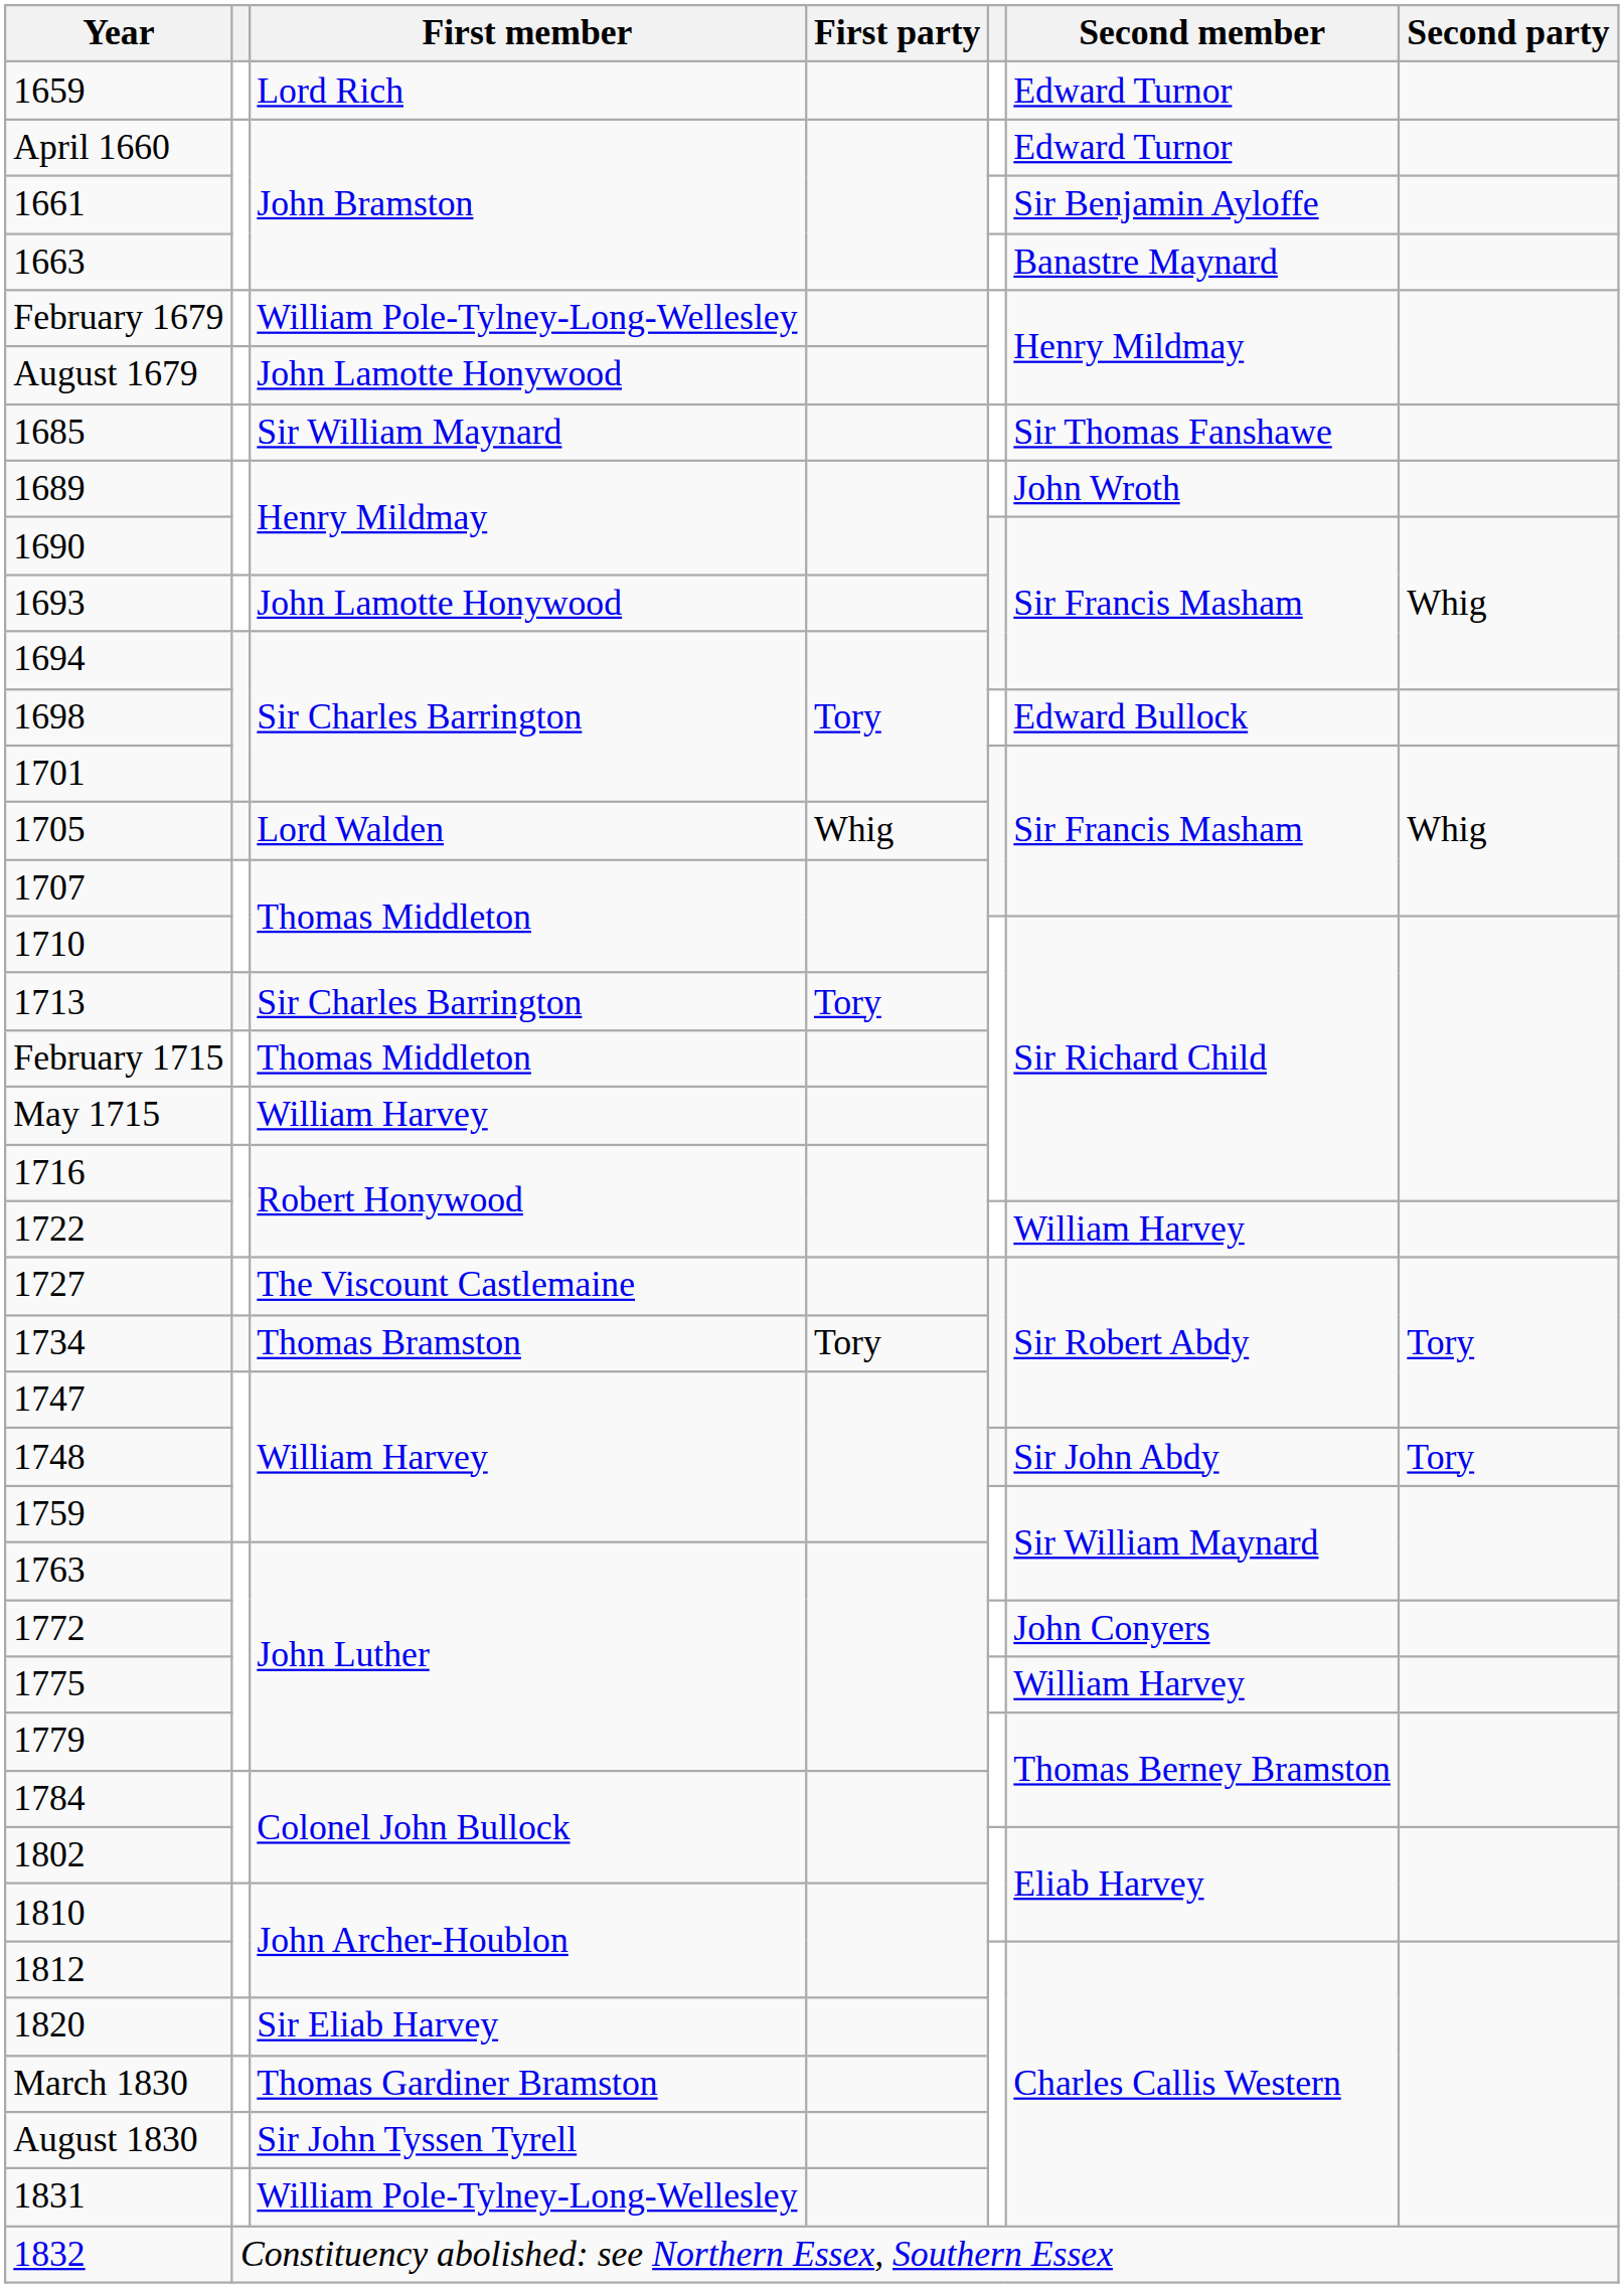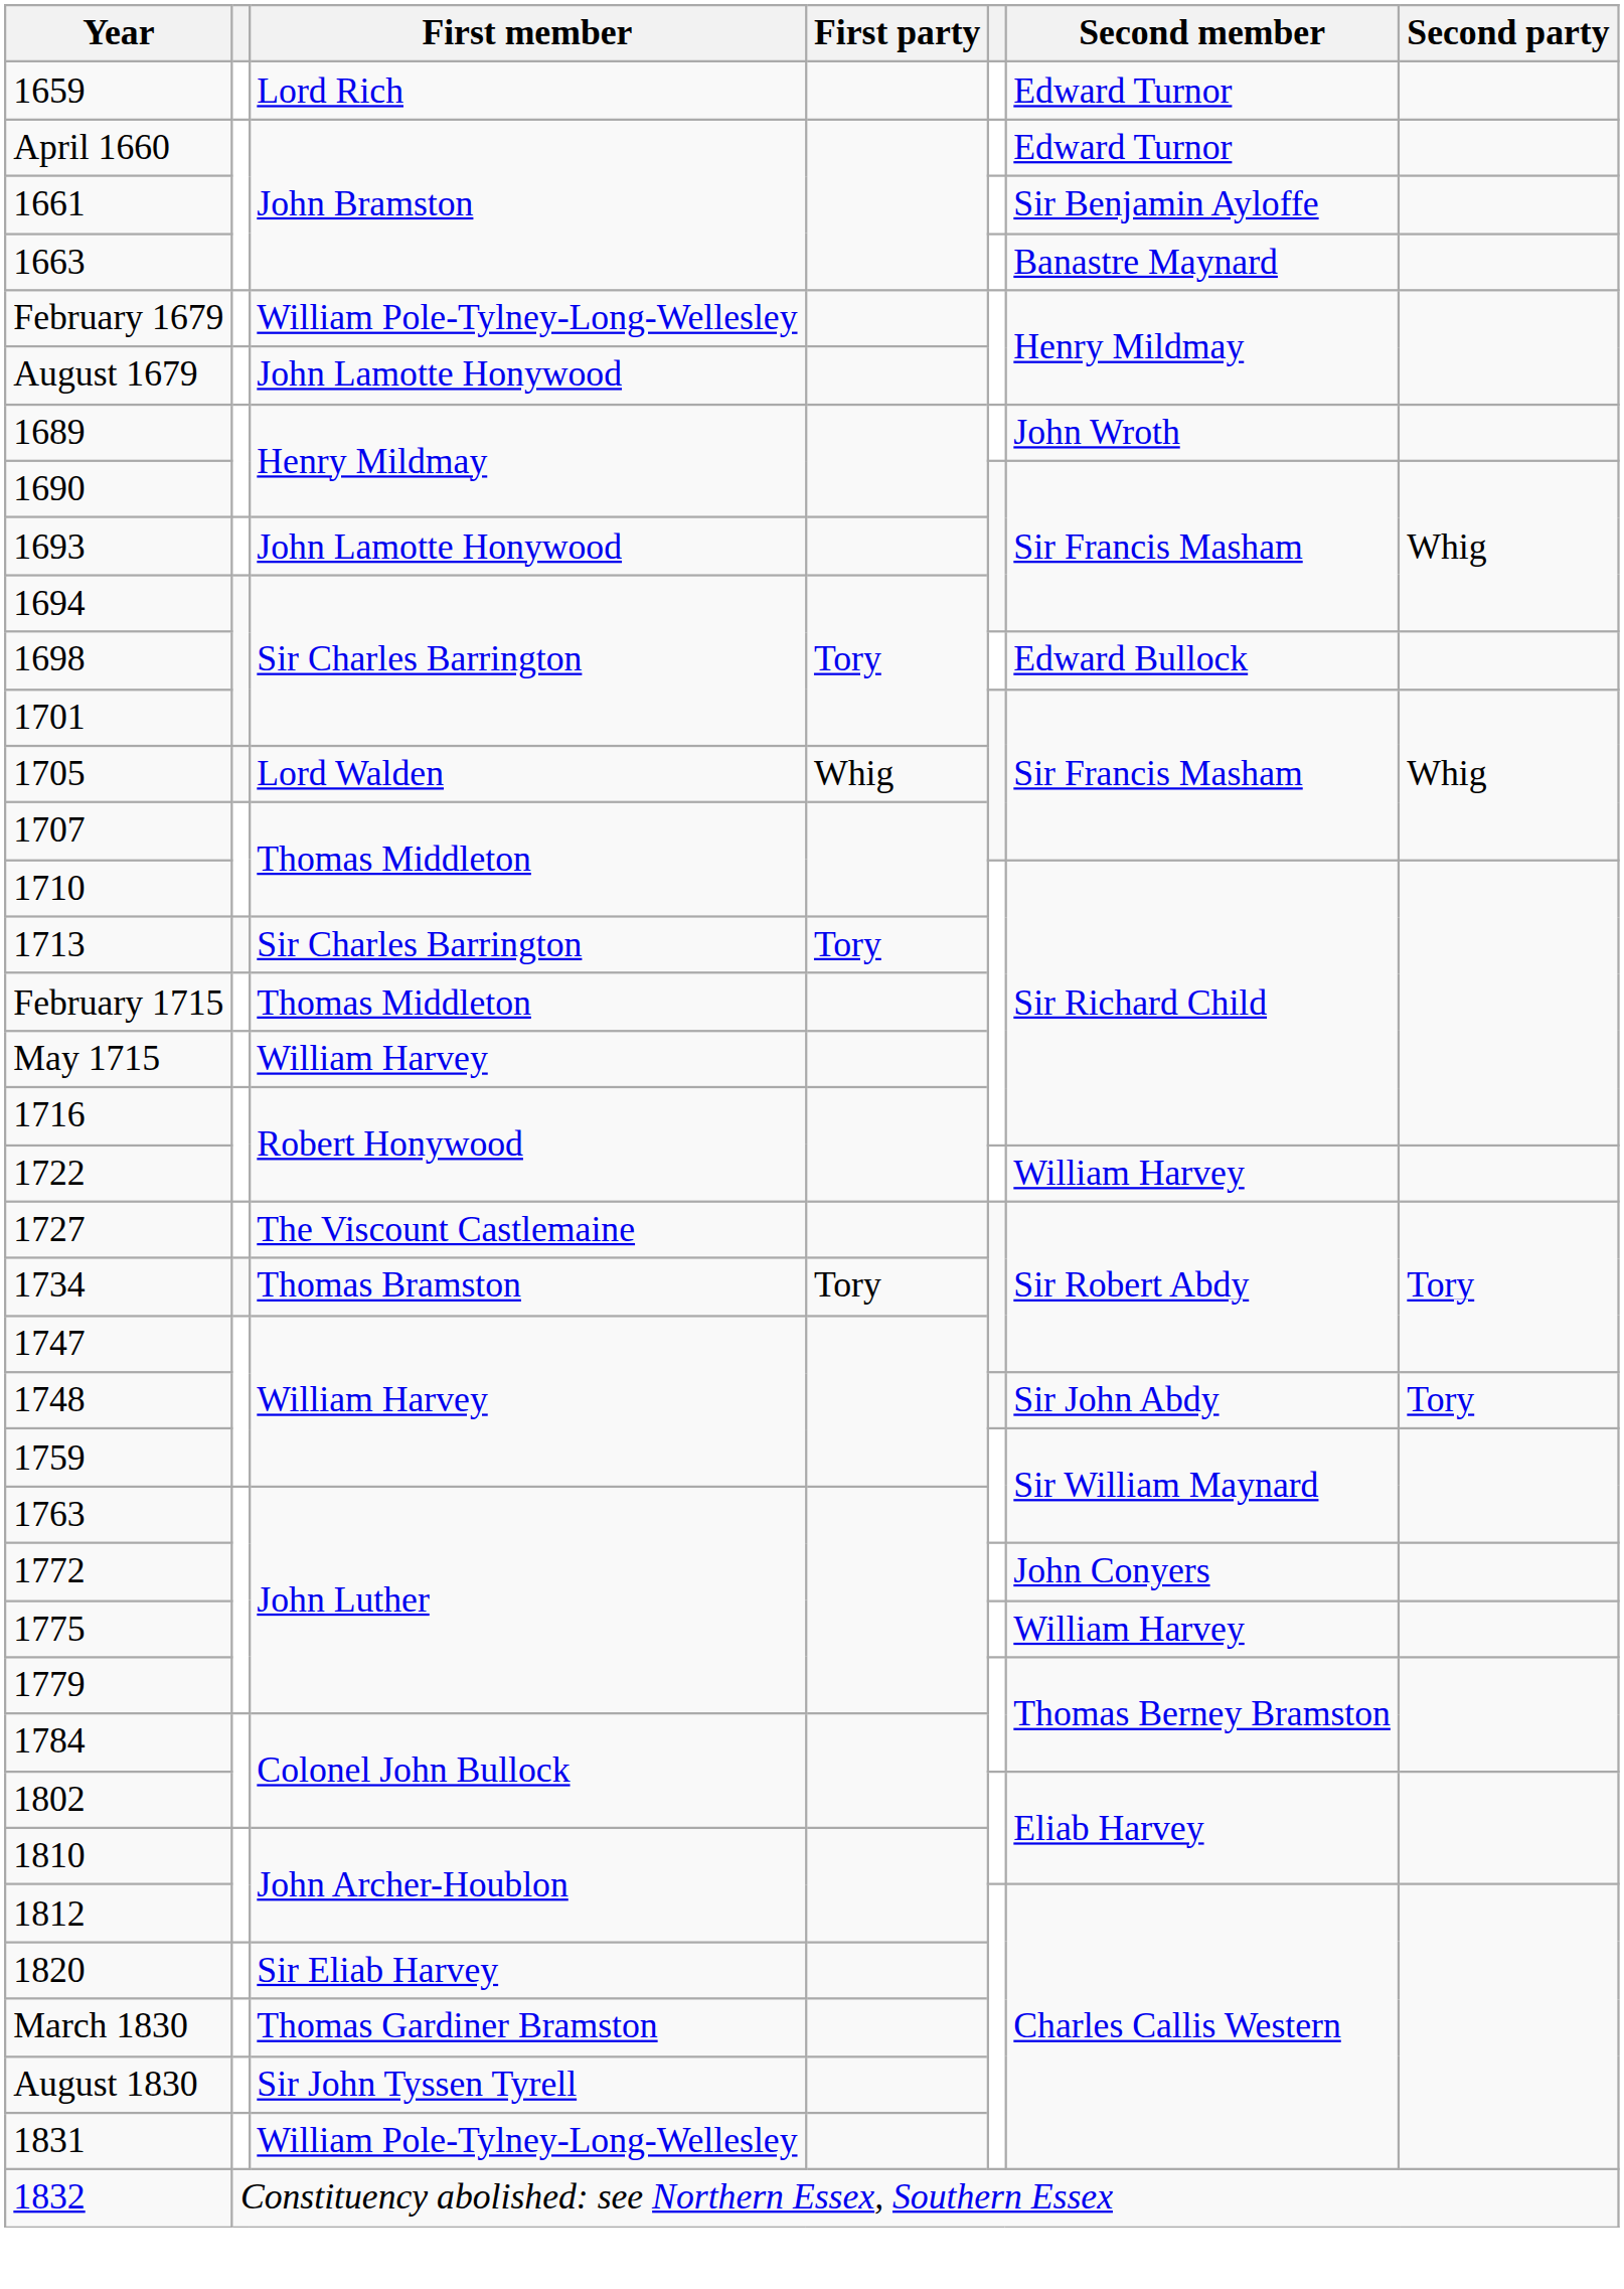 <table class="wikitable">
 <tr>
 <th>Year</th>
 <th></th>
 <th>First member</th>
 <th>First party</th>
 <th></th>
 <th>Second member</th>
 <th>Second party</th>
 </tr>
 <tr>
 <td>1659</td>
 <td style="color:inherit;background-color: white"></td>
 <td><a href='#'>Lord Rich</a></td>
 <td></td>
 <td style="color:inherit;background-color: white"></td>
 <td><a href='#'>Edward Turnor</a></td>
 <td></td>
 </tr>
 <tr>
 <td>April 1660</td>
 <td rowspan="3" style="color:inherit;background-color: white"></td>
 <td rowspan="3"><a href='#'>John Bramston</a></td>
 <td rowspan="3"></td>
 <td style="color:inherit;background-color: white"></td>
 <td><a href='#'>Edward Turnor</a></td>
 <td></td>
 </tr>
 <tr>
 <td>1661</td>
 <td style="color:inherit;background-color: white"></td>
 <td><a href='#'>Sir Benjamin Ayloffe</a></td>
 <td></td>
 </tr>
 <tr>
 <td>1663</td>
 <td style="color:inherit;background-color: white"></td>
 <td><a href='#'>Banastre Maynard</a></td>
 <td></td>
 </tr>
 <tr>
 <td>February 1679</td>
 <td style="color:inherit;background-color: white"></td>
 <td><a href='#'>William Pole-Tylney-Long-Wellesley</a></td>
 <td></td>
 <td rowspan="2" style="color:inherit;background-color: white"></td>
 <td rowspan="2"><a href='#'>Henry Mildmay</a></td>
 <td rowspan="2"></td>
 </tr>
 <tr>
 <td>August 1679</td>
 <td style="color:inherit;background-color: white"></td>
 <td><a href='#'>John Lamotte Honywood</a></td>
-<td></td>
-</tr>
-<tr>
-<td>1685</td>
-<td style="color:inherit;background-color: white"></td>
-<td><a href='#'>Sir William Maynard</a></td>
-<td></td>
-<td style="color:inherit;background-color: white"></td>
-<td><a href='#'>Sir Thomas Fanshawe</a></td>
 <td></td>
 </tr>
 <tr>
 <td>1689</td>
 <td rowspan="2" style="color:inherit;background-color: white"></td>
 <td rowspan="2"><a href='#'>Henry Mildmay</a></td>
 <td rowspan="2"></td>
 <td style="color:inherit;background-color: white"></td>
 <td><a href='#'>John Wroth</a></td>
 <td></td>
 </tr>
 <tr>
 <td>1690</td>
 <td rowspan="3" style="color:inherit;background-color: "></td>
 <td rowspan="3"><a href='#'>Sir Francis Masham</a></td>
 <td rowspan="3">Whig</td>
 </tr>
 <tr>
 <td>1693</td>
 <td style="color:inherit;background-color: white"></td>
 <td><a href='#'>John Lamotte Honywood</a></td>
 <td></td>
 </tr>
 <tr>
 <td>1694</td>
 <td rowspan="3" style="color:inherit;background-color: "></td>
 <td rowspan="3"><a href='#'>Sir Charles Barrington</a></td>
 <td rowspan="3"><a href='#'>Tory</a></td>
 </tr>
 <tr>
 <td>1698</td>
 <td style="color:inherit;background-color: white"></td>
 <td><a href='#'>Edward Bullock</a></td>
 <td></td>
 </tr>
 <tr>
 <td>1701</td>
 <td rowspan="3" style="color:inherit;background-color: "></td>
 <td rowspan="3"><a href='#'>Sir Francis Masham</a></td>
 <td rowspan="3">Whig</td>
 </tr>
 <tr>
 <td>1705</td>
 <td style="color:inherit;background-color: "></td>
 <td><a href='#'>Lord Walden</a></td>
 <td>Whig</td>
 </tr>
 <tr>
 <td>1707</td>
 <td rowspan="2" style="color:inherit;background-color: white"></td>
 <td rowspan="2"><a href='#'>Thomas Middleton</a></td>
 <td rowspan="2"></td>
 </tr>
 <tr>
 <td>1710</td>
 <td rowspan="5" style="color:inherit;background-color: white"></td>
 <td rowspan="5"><a href='#'>Sir Richard Child</a></td>
 <td rowspan="5"></td>
 </tr>
 <tr>
 <td>1713</td>
 <td style="color:inherit;background-color: "></td>
 <td><a href='#'>Sir Charles Barrington</a></td>
 <td><a href='#'>Tory</a></td>
 </tr>
 <tr>
 <td>February 1715</td>
 <td style="color:inherit;background-color: white"></td>
 <td><a href='#'>Thomas Middleton</a></td>
 <td></td>
 </tr>
 <tr>
 <td>May 1715</td>
 <td style="color:inherit;background-color: white"></td>
 <td><a href='#'>William Harvey</a></td>
 <td></td>
 </tr>
 <tr>
 <td>1716</td>
 <td rowspan="2" style="color:inherit;background-color: white"></td>
 <td rowspan="2"><a href='#'>Robert Honywood</a></td>
 <td rowspan="2"></td>
 </tr>
 <tr>
 <td>1722</td>
 <td style="color:inherit;background-color: white"></td>
 <td><a href='#'>William Harvey</a></td>
 <td></td>
 </tr>
 <tr>
 <td>1727</td>
 <td style="color:inherit;background-color: white"></td>
 <td><a href='#'>The Viscount Castlemaine</a></td>
 <td></td>
 <td rowspan="3" style="color:inherit;background-color: "></td>
 <td rowspan="3"><a href='#'>Sir Robert Abdy</a></td>
 <td rowspan="3"><a href='#'>Tory</a></td>
 </tr>
 <tr>
 <td>1734</td>
 <td style="color:inherit;background-color: "></td>
 <td><a href='#'>Thomas Bramston</a></td>
 <td>Tory</td>
 </tr>
 <tr>
 <td>1747</td>
 <td rowspan="3" style="color:inherit;background-color: white"></td>
 <td rowspan="3"><a href='#'>William Harvey</a></td>
 <td rowspan="3"></td>
 </tr>
 <tr>
 <td>1748</td>
 <td style="color:inherit;background-color: "></td>
 <td><a href='#'>Sir John Abdy</a></td>
 <td><a href='#'>Tory</a></td>
 </tr>
 <tr>
 <td>1759</td>
 <td rowspan="2" style="color:inherit;background-color: white"></td>
 <td rowspan="2"><a href='#'>Sir William Maynard</a></td>
 <td rowspan="2"></td>
 </tr>
 <tr>
 <td>1763</td>
 <td rowspan="4" style="color:inherit;background-color: white"></td>
 <td rowspan="4"><a href='#'>John Luther</a></td>
 <td rowspan="4"></td>
 </tr>
 <tr>
 <td>1772</td>
 <td style="color:inherit;background-color: white"></td>
 <td><a href='#'>John Conyers</a></td>
 <td></td>
 </tr>
 <tr>
 <td>1775</td>
 <td style="color:inherit;background-color: white"></td>
 <td><a href='#'>William Harvey</a></td>
 <td></td>
 </tr>
 <tr>
 <td>1779</td>
 <td rowspan="2" style="color:inherit;background-color: white"></td>
 <td rowspan="2"><a href='#'>Thomas Berney Bramston</a></td>
 <td rowspan="2"></td>
 </tr>
 <tr>
 <td>1784</td>
 <td rowspan="2" style="color:inherit;background-color: white"></td>
 <td rowspan="2"><a href='#'>Colonel John Bullock</a></td>
 <td rowspan="2"></td>
 </tr>
 <tr>
 <td>1802</td>
 <td rowspan="2" style="color:inherit;background-color: white"></td>
 <td rowspan="2"><a href='#'>Eliab Harvey</a></td>
 <td rowspan="2"></td>
 </tr>
 <tr>
 <td>1810</td>
 <td rowspan="2" style="color:inherit;background-color: white"></td>
 <td rowspan="2"><a href='#'>John Archer-Houblon</a></td>
 <td rowspan="2"></td>
 </tr>
 <tr>
 <td>1812</td>
 <td rowspan="5" style="color:inherit;background-color: white"></td>
 <td rowspan="5"><a href='#'>Charles Callis Western</a></td>
 <td rowspan="5"></td>
 </tr>
 <tr>
 <td>1820</td>
 <td style="color:inherit;background-color: white"></td>
 <td><a href='#'>Sir Eliab Harvey</a></td>
 <td></td>
 </tr>
 <tr>
 <td>March 1830</td>
 <td style="color:inherit;background-color: white"></td>
 <td><a href='#'>Thomas Gardiner Bramston</a></td>
 <td></td>
 </tr>
 <tr>
 <td>August 1830</td>
 <td style="color:inherit;background-color: white"></td>
 <td><a href='#'>Sir John Tyssen Tyrell</a></td>
 <td></td>
 </tr>
 <tr>
 <td>1831</td>
 <td style="color:inherit;background-color: white"></td>
 <td><a href='#'>William Pole-Tylney-Long-Wellesley</a></td>
 <td></td>
 </tr>
 <tr>
 <td><a href='#'>1832</a></td>
 <td colspan="6"><em>Constituency abolished: see <a href='#'>Northern Essex</a>, <a href='#'>Southern Essex</a></em></td>
 </tr>
 </table>
